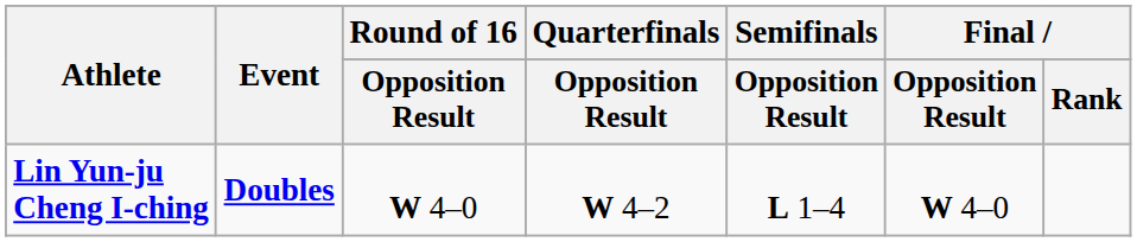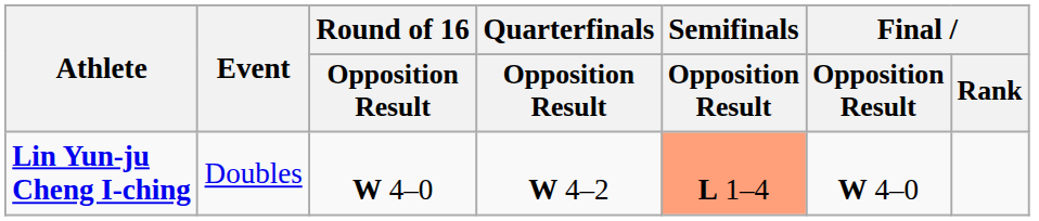 <table class="wikitable" style="font-size:90%; text-align:center">
 <tr>
 <th rowspan="2">Athlete</th>
 <th rowspan="2">Event</th>
 <th>Round of 16</th>
 <th>Quarterfinals</th>
 <th>Semifinals</th>
 <th colspan="2">Final / </th>
 </tr>
 <tr style="font-size:95%">
 <th>Opposition<br>Result</th>
 <th>Opposition<br>Result</th>
 <th>Opposition<br>Result</th>
 <th>Opposition<br>Result</th>
 <th>Rank</th>
 </tr>
 <tr>
 <td align="left"><strong><a href='#'>Lin Yun-ju</a><br><a href='#'>Cheng I-ching</a></strong></td>
-<td align="left"><strong><a href='#'>Doubles</a></strong></td>
+<td align="left"><a href='#'>Doubles</a></td>
 <td><br><strong>W</strong> 4–0</td>
 <td><br><strong>W</strong> 4–2</td>
-<td><br><strong>L</strong> 1–4</td>
+<td style="background: lightsalmon;"><br><strong>L</strong> 1–4</td>
 <td><br><strong>W</strong> 4–0</td>
 <td></td>
 </tr>
 </table>
